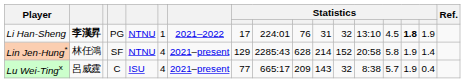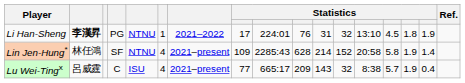 <table class="wikitable sortable" style="font-size:95%; text-align:right;">
 <tr>
 <th rowspan="2">Player</th>
 <th rowspan="2"></th>
 <th rowspan="2"></th>
 <th rowspan="2"></th>
 <th rowspan="2"></th>
 <th rowspan="2"></th>
 <th rowspan="2"></th>
 <th colspan="9">Statistics</th>
 <th rowspan="2">Ref.</th>
 </tr>
 <tr>
 <th></th>
 <th></th>
 <th></th>
 <th></th>
 <th></th>
 <th></th>
 <th></th>
 <th></th>
 <th></th>
 </tr>
 <tr>
 <td align="left"><em>Li Han-Sheng</em></td>
 <td align="left"><strong>李漢昇</strong></td>
 <td align="center"></td>
 <td align="center">PG</td>
 <td align="left"><a href='#'>NTNU</a></td>
 <td align="center">1</td>
 <td align="center"><a href='#'>2021–2022</a></td>
 <td>17</td>
 <td>224:01</td>
 <td>76</td>
 <td>31</td>
 <td>32</td>
 <td>13:10</td>
 <td>4.5</td>
-<td><strong>1.8</strong></td>
+<td>1.8</td>
 <td>1.9</td>
 <td align="center"></td>
 </tr>
 <tr>
 <td align="left" bgcolor="#FBCEB1"><em>Lin Jen-Hung</em><sup>*</sup></td>
 <td align="left">林任鴻</td>
 <td align="center"></td>
 <td align="center">SF</td>
 <td align="left"><a href='#'>NTNU</a></td>
 <td align="center">4</td>
 <td align="center"><a href='#'>2021</a>–<a href='#'>present</a></td>
-<td>129</td>
+<td>109</td>
 <td>2285:43</td>
 <td>628</td>
 <td>214</td>
 <td>152</td>
 <td>20:58</td>
 <td>5.8</td>
 <td>1.9</td>
 <td>1.4</td>
 <td align="center"></td>
 </tr>
 <tr>
 <td align="left" bgcolor="#CCFFCC"><em>Lu Wei-Ting</em><sup>x</sup></td>
 <td align="left">呂威霆</td>
 <td align="center"></td>
 <td align="center">C</td>
 <td align="left"><a href='#'>ISU</a></td>
 <td align="center">4</td>
 <td align="center"><a href='#'>2021</a>–<a href='#'>present</a></td>
 <td>77</td>
 <td>665:17</td>
 <td>209</td>
 <td>143</td>
 <td>32</td>
 <td>8:38</td>
 <td>5.7</td>
 <td>1.9</td>
 <td>0.4</td>
 <td align="center"></td>
 </tr>
 </table>
